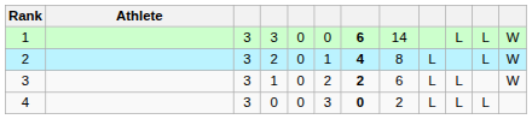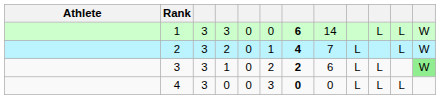 <table class="wikitable" style="text-align: center;">
 <tr>
+<th width=225>Athlete</th>
 <th width=25>Rank</th>
-<th width=225>Athlete</th>
 <th width=25></th>
 <th width=25></th>
 <th width=25></th>
 <th width=25></th>
 <th width=40></th>
 <th width=40></th>
 <th width=25></th>
 <th width=25></th>
 <th width=25></th>
 <th width=25></th>
 </tr>
 <tr bgcolor=ccffcc>
+<td align=left></td>
 <td>1</td>
-<td align=left></td>
 <td>3</td>
 <td>3</td>
 <td>0</td>
 <td>0</td>
 <td><strong>6</strong></td>
 <td>14</td>
 <td></td>
 <td>L</td>
 <td>L</td>
 <td>W</td>
 </tr>
 <tr bgcolor=bbf3ff>
+<td align=left></td>
 <td>2</td>
-<td align=left></td>
 <td>3</td>
 <td>2</td>
 <td>0</td>
 <td>1</td>
 <td><strong>4</strong></td>
-<td>8</td>
+<td>7</td>
 <td>L</td>
 <td></td>
 <td>L</td>
 <td>W</td>
 </tr>
 <tr>
+<td align=left></td>
 <td>3</td>
-<td align=left></td>
 <td>3</td>
 <td>1</td>
 <td>0</td>
 <td>2</td>
 <td><strong>2</strong></td>
 <td>6</td>
 <td>L</td>
 <td>L</td>
 <td></td>
-<td>W</td>
+<td style="background: lightgreen;">W</td>
 </tr>
 <tr>
+<td align=left></td>
 <td>4</td>
-<td align=left></td>
 <td>3</td>
 <td>0</td>
 <td>0</td>
 <td>3</td>
 <td><strong>0</strong></td>
-<td>2</td>
+<td>0</td>
 <td>L</td>
 <td>L</td>
 <td>L</td>
 <td></td>
 </tr>
 </table>
